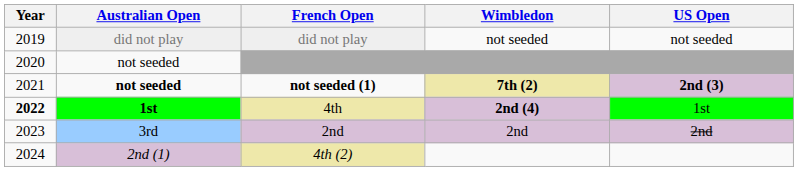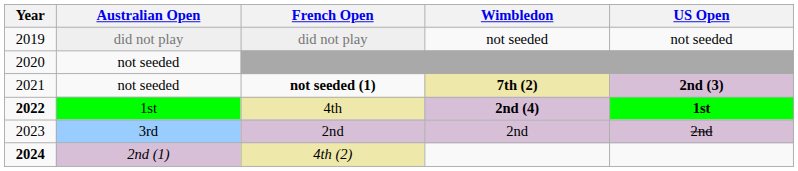 <table class=wikitable style=font-size:100%;text-align:center>
 <tr>
 <th width=50>Year</th>
 <th width=200><a href='#'>Australian Open</a></th>
 <th width=200><a href='#'>French Open</a></th>
 <th width=200><a href='#'>Wimbledon</a></th>
 <th width=200><a href='#'>US Open</a></th>
 </tr>
 <tr>
 <td>2019</td>
 <td style="color:#767676; background:#efefef">did not play</td>
 <td style="color:#767676; background:#efefef">did not play</td>
 <td>not seeded</td>
 <td>not seeded</td>
 </tr>
 <tr>
 <td>2020</td>
 <td>not seeded</td>
 <td colspan=3 bgcolor="darkgray"></td>
 </tr>
 <tr>
 <td>2021</td>
-<td><strong>not seeded</strong></td>
+<td>not seeded</td>
 <td><strong>not seeded (1)</strong></td>
 <td bgcolor=#EEE8AA><strong>7th (2)</strong></td>
 <td bgcolor=#D8BFD8><strong>2nd (3)</strong></td>
 </tr>
 <tr>
 <td><strong>2022</strong></td>
-<td bgcolor=#00FF00><strong>1st</strong></td>
+<td bgcolor=#00FF00>1st</td>
 <td bgcolor=#EEE8AA>4th</td>
 <td bgcolor=#D8BFD8><strong>2nd (4)</strong></td>
-<td bgcolor=#00FF00>1st</td>
+<td bgcolor=#00FF00><strong>1st</strong></td>
 </tr>
 <tr>
 <td>2023</td>
 <td bgcolor=#99ccff>3rd</td>
 <td bgcolor=#D8BFD8>2nd</td>
 <td bgcolor=#D8BFD8>2nd</td>
 <td bgcolor=#D8BFD8><s>2nd</s></td>
 </tr>
 <tr>
-<td>2024</td>
+<td><strong>2024</strong></td>
 <td bgcolor=#D8BFD8><em>2nd (1)</em></td>
 <td bgcolor=#EEE8AA><em>4th (2)</em></td>
 <td></td>
 <td></td>
 </tr>
 </table>
